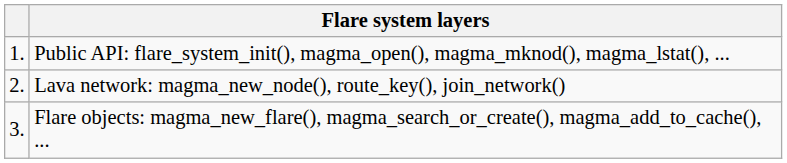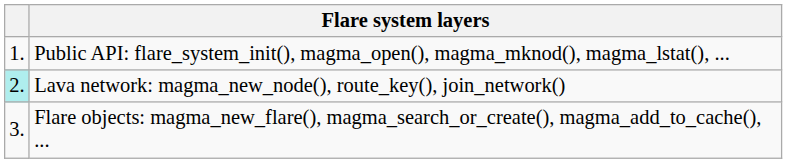 <table class="wikitable">
 <tr>
 <th></th>
 <th>Flare system layers</th>
 </tr>
 <tr>
 <td>1.</td>
 <td>Public API: flare_system_init(), magma_open(), magma_mknod(), magma_lstat(), ...</td>
 </tr>
 <tr>
-<td>2.</td>
+<td style="background: paleturquoise;">2.</td>
 <td>Lava network: magma_new_node(), route_key(), join_network()</td>
 </tr>
 <tr>
 <td>3.</td>
 <td>Flare objects: magma_new_flare(), magma_search_or_create(), magma_add_to_cache(), ...</td>
 </tr>
 </table>
